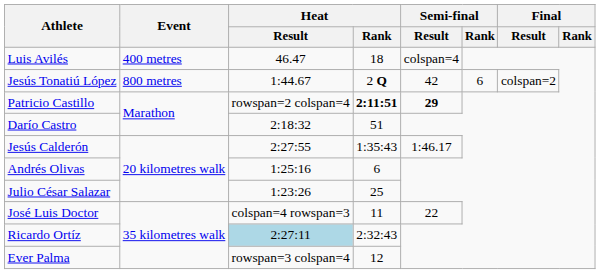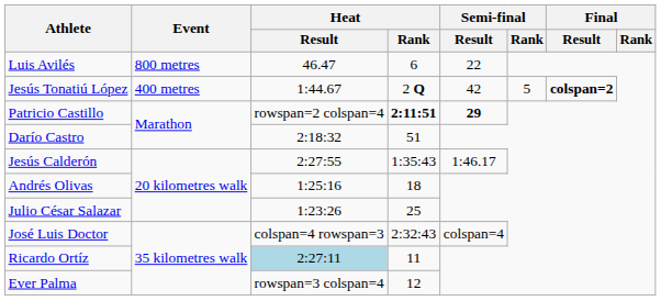 <table class="wikitable" style="font-size:90%">
 <tr>
 <th rowspan="2">Athlete</th>
 <th rowspan="2">Event</th>
 <th colspan="2">Heat</th>
 <th colspan="2">Semi-final</th>
 <th colspan="2">Final</th>
 </tr>
 <tr style="font-size:95%">
 <th>Result</th>
 <th>Rank</th>
 <th>Result</th>
 <th>Rank</th>
 <th>Result</th>
 <th>Rank</th>
 </tr>
 <tr align=center>
 <td align=left><a href='#'>Luis Avilés</a></td>
-<td align=left><a href='#'>400 metres</a></td>
+<td align=left><a href='#'>800 metres</a></td>
 <td>46.47</td>
-<td>18</td>
-<td>colspan=4 </td>
+<td>6</td>
+<td>22</td>
 </tr>
 <tr align=center>
 <td align=left><a href='#'>Jesús Tonatiú López</a></td>
-<td align=left><a href='#'>800 metres</a></td>
+<td align=left><a href='#'>400 metres</a></td>
 <td>1:44.67 </td>
 <td>2 <strong>Q</strong></td>
 <td>42</td>
-<td>6</td>
-<td>colspan=2 </td>
+<td>5</td>
+<td><strong>colspan=2 </strong></td>
 </tr>
 <tr align=center>
 <td align=left><a href='#'>Patricio Castillo</a></td>
 <td align=left rowspan=2><a href='#'>Marathon</a></td>
 <td>rowspan=2 colspan=4 </td>
 <td><strong>2:11:51</strong></td>
 <td><strong>29</strong></td>
 </tr>
 <tr align=center>
 <td align=left><a href='#'>Darío Castro</a></td>
 <td>2:18:32</td>
 <td>51</td>
 </tr>
 <tr align=center>
 <td align=left><a href='#'>Jesús Calderón</a></td>
 <td align=left rowspan=3><a href='#'>20 kilometres walk</a></td>
 <td>2:27:55 </td>
 <td>1:35:43</td>
 <td>1:46.17</td>
 </tr>
 <tr align=center>
 <td align=left><a href='#'>Andrés Olivas</a></td>
 <td>1:25:16</td>
-<td>6</td>
+<td>18</td>
 </tr>
 <tr align=center>
 <td align=left><a href='#'>Julio César Salazar</a></td>
 <td>1:23:26</td>
 <td>25</td>
 </tr>
 <tr align=center>
 <td align=left><a href='#'>José Luis Doctor</a></td>
 <td rowspan=3 align=left><a href='#'>35 kilometres walk</a></td>
 <td>colspan=4 rowspan=3 </td>
-<td>11</td>
-<td>22</td>
+<td>2:32:43</td>
+<td>colspan=4 </td>
 </tr>
 <tr align=center>
 <td align=left><a href='#'>Ricardo Ortíz</a></td>
 <td style="background: lightblue;">2:27:11 <strong></strong></td>
-<td>2:32:43</td>
+<td>11</td>
 </tr>
 <tr align=center>
 <td align=left><a href='#'>Ever Palma</a></td>
 <td>rowspan=3 colspan=4 </td>
 <td>12</td>
 </tr>
 </table>
